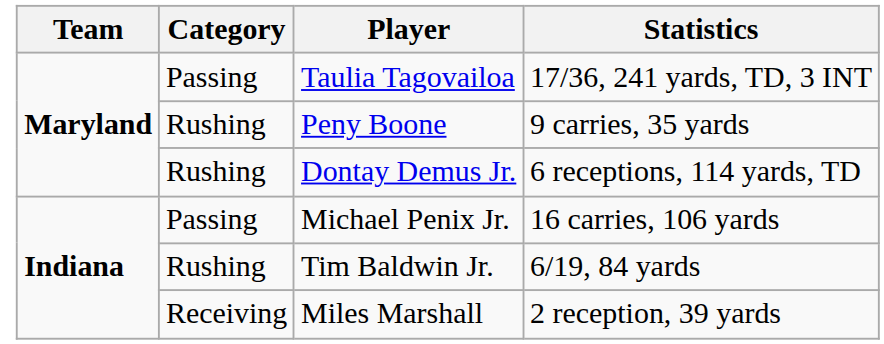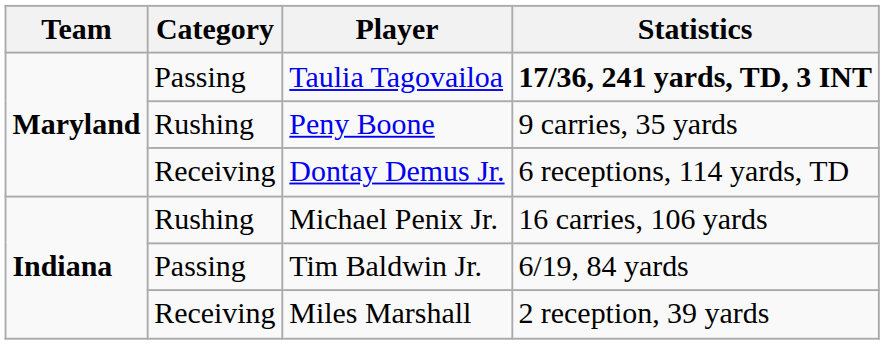 <table class="wikitable" style="float: right;">
 <tr>
 <th>Team</th>
 <th>Category</th>
 <th>Player</th>
 <th>Statistics</th>
 </tr>
 <tr>
 <td rowspan=3><strong>Maryland</strong></td>
 <td>Passing</td>
 <td><a href='#'>Taulia Tagovailoa</a></td>
-<td>17/36, 241 yards, TD, 3 INT</td>
+<td><strong>17/36, 241 yards, TD, 3 INT</strong></td>
 </tr>
 <tr>
 <td>Rushing</td>
 <td><a href='#'>Peny Boone</a></td>
 <td>9 carries, 35 yards</td>
 </tr>
 <tr>
-<td>Rushing</td>
+<td>Receiving</td>
 <td><a href='#'>Dontay Demus Jr.</a></td>
 <td>6 receptions, 114 yards, TD</td>
 </tr>
 <tr>
 <td rowspan=3><strong>Indiana</strong></td>
-<td>Passing</td>
+<td>Rushing</td>
 <td>Michael Penix Jr.</td>
 <td>16 carries, 106 yards</td>
 </tr>
 <tr>
-<td>Rushing</td>
+<td>Passing</td>
 <td>Tim Baldwin Jr.</td>
 <td>6/19, 84 yards</td>
 </tr>
 <tr>
 <td>Receiving</td>
 <td>Miles Marshall</td>
 <td>2 reception, 39  yards</td>
 </tr>
 </table>
